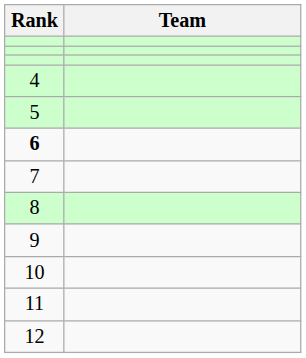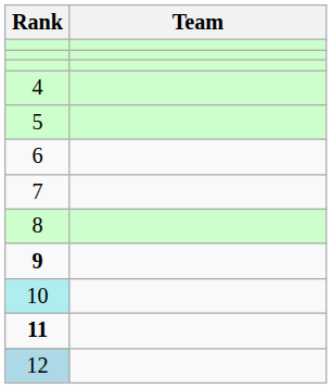 <table class="wikitable" style="text-align: center;">
 <tr>
 <th width=40>Rank</th>
 <th width=180>Team</th>
 </tr>
 <tr bgcolor=#ccffcc>
 <td></td>
 <td style="text-align:left;"></td>
 </tr>
 <tr bgcolor=#ccffcc>
 <td></td>
 <td style="text-align:left;"></td>
 </tr>
 <tr bgcolor=#ccffcc>
 <td></td>
 <td style="text-align:left;"></td>
 </tr>
 <tr bgcolor=#ccffcc>
 <td>4</td>
 <td style="text-align:left;"></td>
 </tr>
 <tr bgcolor=#ccffcc>
 <td>5</td>
 <td style="text-align:left;"></td>
 </tr>
 <tr align=center>
-<td><strong>6</strong></td>
+<td>6</td>
 <td style="text-align:left;"></td>
 </tr>
 <tr align=center>
 <td>7</td>
 <td style="text-align:left;"></td>
 </tr>
 <tr bgcolor=#ccffcc>
 <td>8</td>
 <td style="text-align:left;"></td>
 </tr>
 <tr align=center>
-<td>9</td>
+<td><strong>9</strong></td>
 <td style="text-align:left;"></td>
 </tr>
 <tr align=center>
-<td>10</td>
+<td style="background: paleturquoise;">10</td>
 <td style="text-align:left;"></td>
 </tr>
 <tr align=center>
-<td>11</td>
+<td><strong>11</strong></td>
 <td style="text-align:left;"></td>
 </tr>
 <tr align=center>
-<td>12</td>
+<td style="background: lightblue;">12</td>
 <td style="text-align:left;"></td>
 </tr>
 </table>
